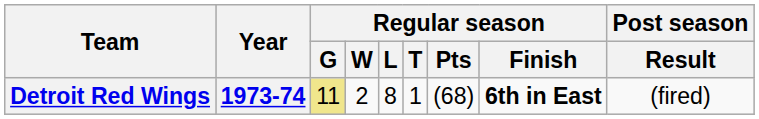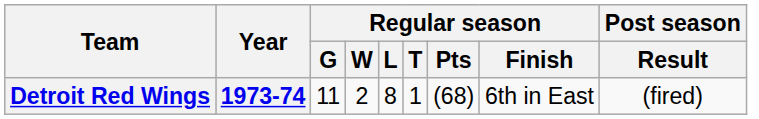 <table class="wikitable" style="font-size: 95%; text-align:center;">
 <tr>
 <th rowspan="2">Team</th>
 <th rowspan="2">Year</th>
 <th colspan="6">Regular season</th>
 <th colspan="1">Post season</th>
 </tr>
 <tr>
 <th>G</th>
 <th>W</th>
 <th>L</th>
 <th>T</th>
 <th>Pts</th>
 <th>Finish</th>
 <th>Result</th>
 </tr>
 <tr>
 <th><a href='#'>Detroit Red Wings</a></th>
 <th><a href='#'>1973-74</a></th>
-<td style="background: khaki;">11</td>
+<td>11</td>
 <td>2</td>
 <td>8</td>
 <td>1</td>
 <td>(68)</td>
-<td><strong>6th in East</strong></td>
+<td>6th in East</td>
 <td>(fired)</td>
 </tr>
 </table>
